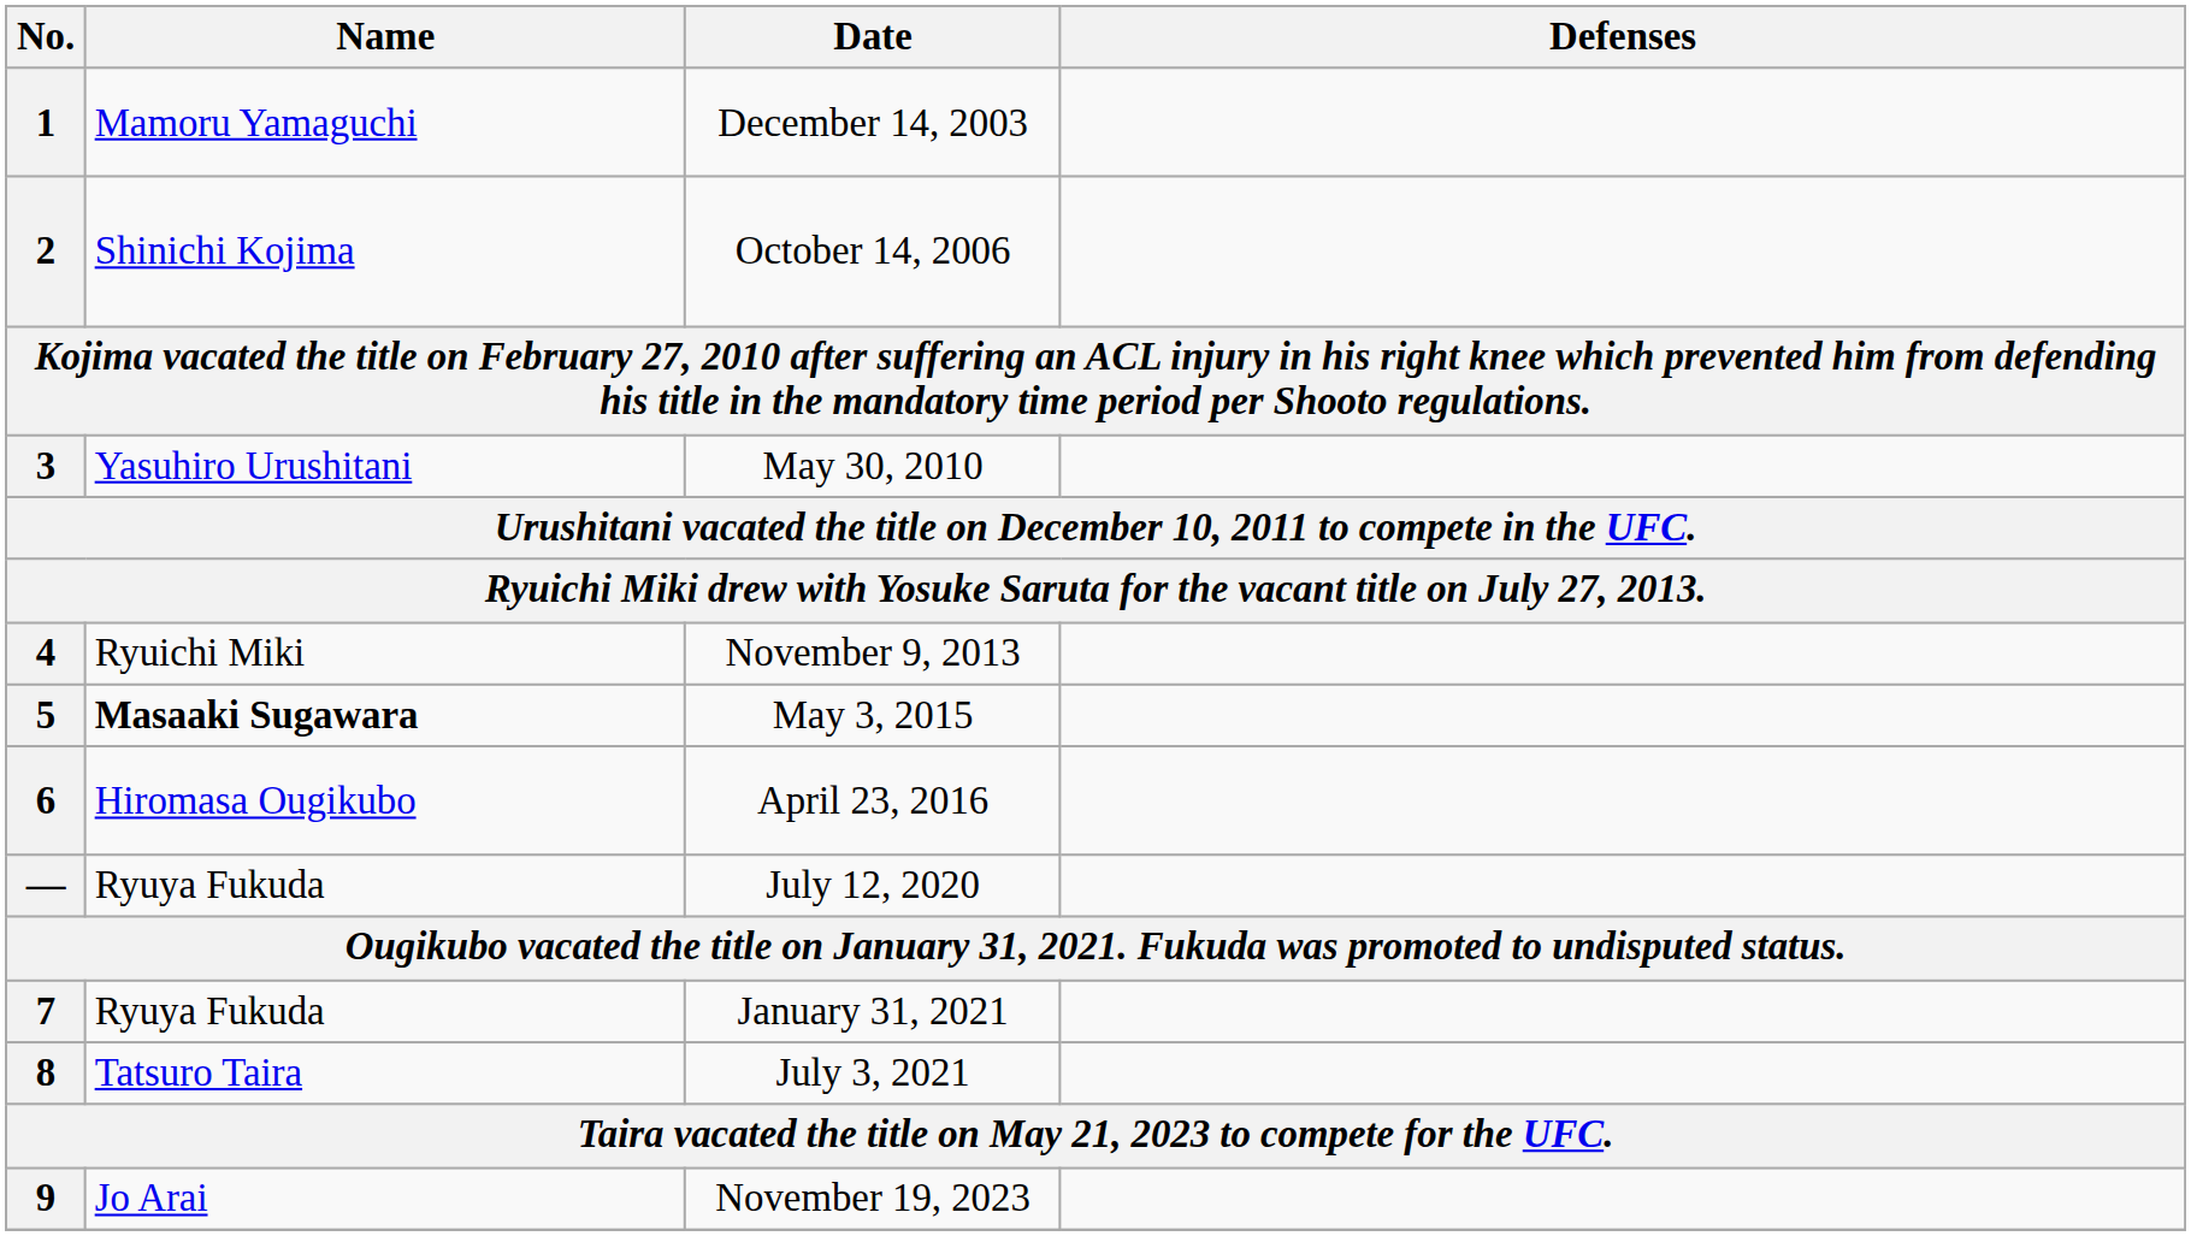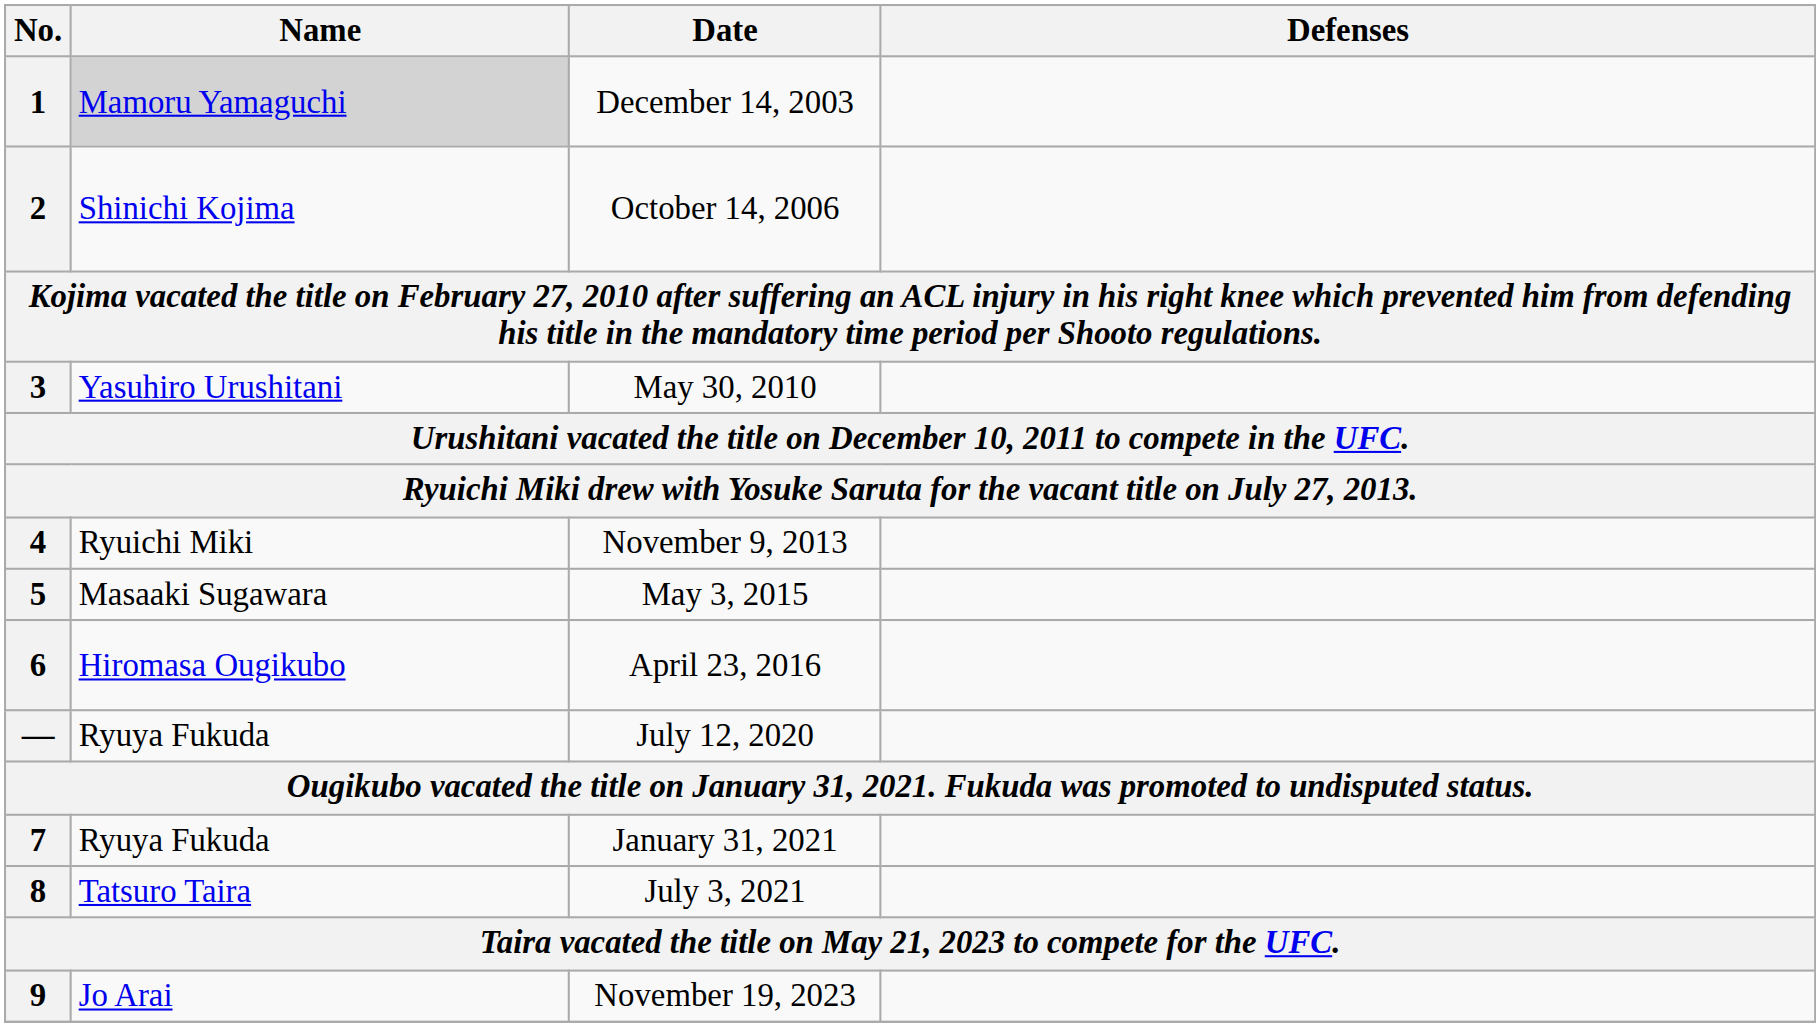 <table class="wikitable" width=100%>
 <tr>
 <th width=1%>No.</th>
 <th width=24%>Name</th>
 <th width=15%>Date</th>
 <th width=45%>Defenses</th>
 </tr>
 <tr>
 <th>1</th>
-<td> <a href='#'>Mamoru Yamaguchi</a><br></td>
+<td style="background: lightgrey;"> <a href='#'>Mamoru Yamaguchi</a><br></td>
 <td align=center>December 14, 2003</td>
 <td><br><br> </td>
 </tr>
 <tr>
 <th>2</th>
 <td> <a href='#'>Shinichi Kojima</a></td>
 <td align=center>October 14, 2006</td>
 <td><br><br> <br> </td>
 </tr>
 <tr>
 <th colspan=4 align=center><em>Kojima vacated the title on February 27, 2010 after suffering an ACL injury in his right knee which prevented him from defending his title in the mandatory time period per Shooto regulations.</em></th>
 </tr>
 <tr>
 <th>3</th>
 <td> <a href='#'>Yasuhiro Urushitani</a><br></td>
 <td align=center>May 30, 2010</td>
 <td></td>
 </tr>
 <tr>
 <th colspan=4 align=center><em>Urushitani vacated the title on December 10, 2011 to compete in the <a href='#'>UFC</a>.</em></th>
 </tr>
 <tr>
 <th colspan=4 align=center><em>Ryuichi Miki drew with Yosuke Saruta for the vacant title on July 27, 2013.</em></th>
 </tr>
 <tr>
 <th>4</th>
 <td> Ryuichi Miki<br></td>
 <td align=center>November 9, 2013</td>
 <td></td>
 </tr>
 <tr>
 <th>5</th>
-<td><strong> Masaaki Sugawara</strong></td>
+<td> Masaaki Sugawara</td>
 <td align=center>May 3, 2015</td>
 <td></td>
 </tr>
 <tr>
 <th>6</th>
 <td> <a href='#'>Hiromasa Ougikubo</a></td>
 <td align=center>April 23, 2016</td>
 <td><br><br> </td>
 </tr>
 <tr>
 <th>—</th>
 <td> Ryuya Fukuda<br></td>
 <td align=center>July 12, 2020</td>
 <td></td>
 </tr>
 <tr>
 <th colspan=4 align=center><em>Ougikubo vacated the title on January 31, 2021.</em> <em>Fukuda was promoted to undisputed status.</em></th>
 </tr>
 <tr>
 <th>7</th>
 <td> Ryuya Fukuda<br></td>
 <td align=center>January 31, 2021</td>
 <td></td>
 </tr>
 <tr>
 <th>8</th>
 <td align=left> <a href='#'>Tatsuro Taira</a></td>
 <td align=center>July 3, 2021</td>
 <td></td>
 </tr>
 <tr>
 <th colspan=4 align=center><em>Taira vacated the title on May 21, 2023 to compete for the <a href='#'>UFC</a>.</em></th>
 </tr>
 <tr>
 <th>9</th>
 <td> <a href='#'>Jo Arai</a> <br></td>
 <td align=center>November 19, 2023</td>
 <td></td>
 </tr>
 <tr>
 </tr>
 </table>
